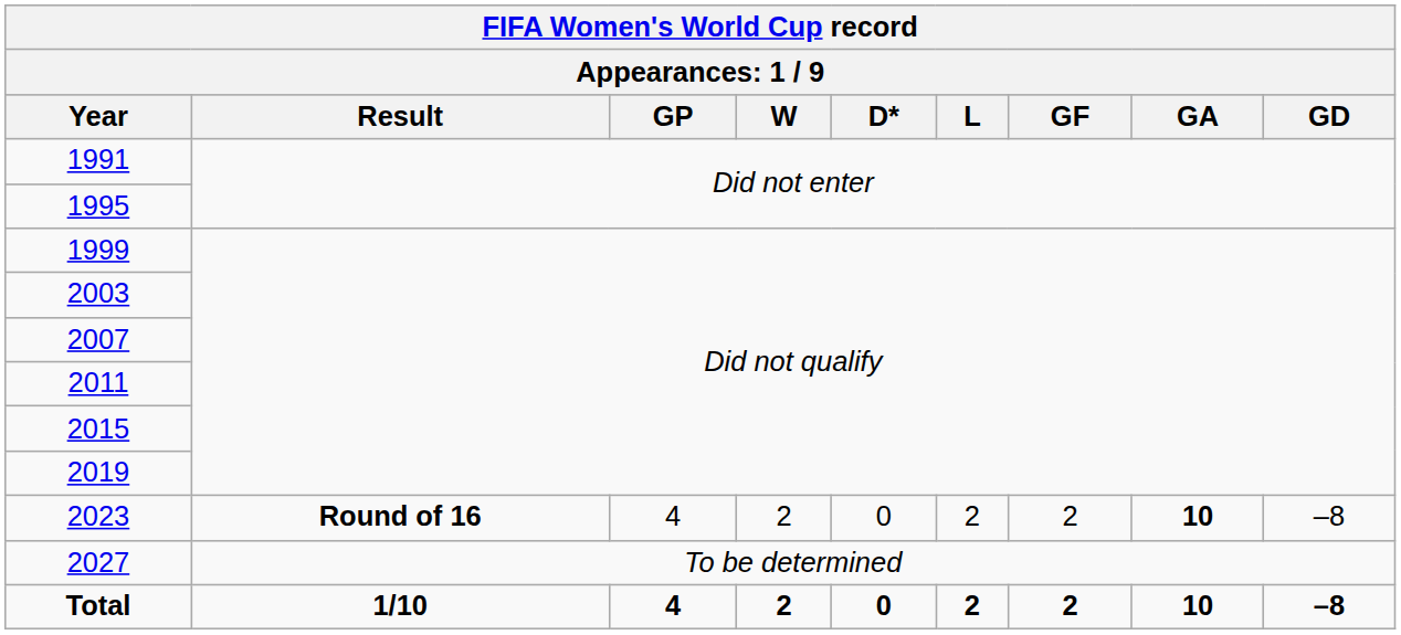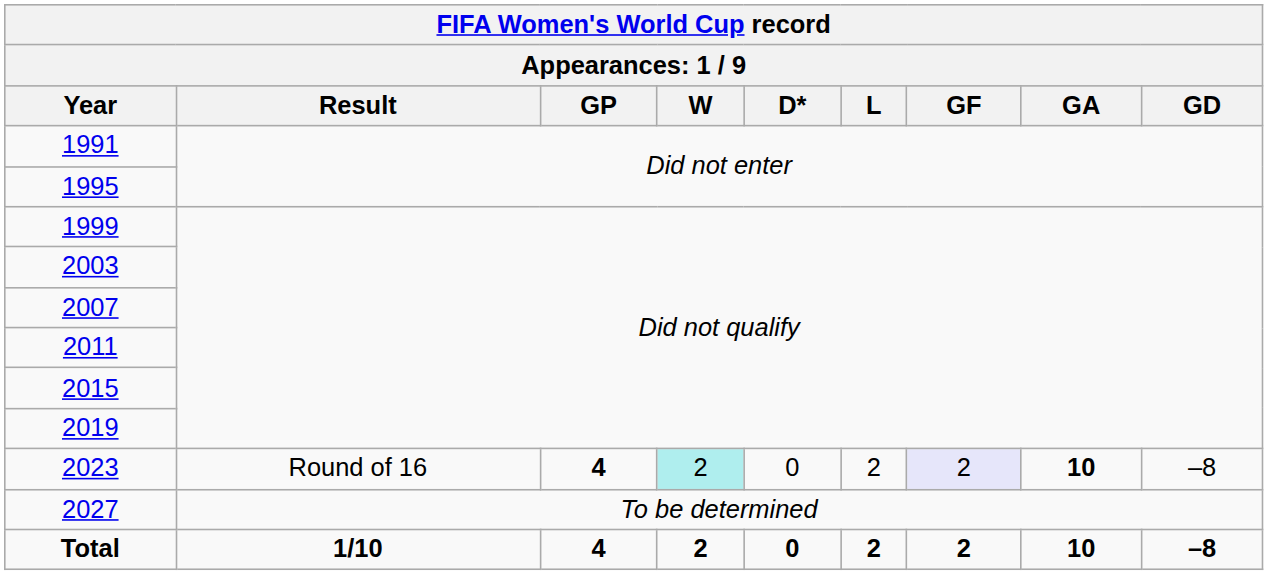 <table class="wikitable" style="text-align: center; width:50%;">
 <tr>
 <th colspan=10><a href='#'>FIFA Women's World Cup</a> record</th>
 </tr>
 <tr>
 <th colspan=9>Appearances: 1 / 9</th>
 </tr>
 <tr>
 <th>Year</th>
 <th>Result</th>
 <th>GP</th>
 <th>W</th>
 <th>D*</th>
 <th>L</th>
 <th>GF</th>
 <th>GA</th>
 <th>GD</th>
 </tr>
 <tr>
 <td> <a href='#'>1991</a></td>
 <td rowspan=2 colspan=8><em>Did not enter</em></td>
 </tr>
 <tr>
 <td> <a href='#'>1995</a></td>
 </tr>
 <tr>
 <td> <a href='#'>1999</a></td>
 <td rowspan=6 colspan=8><em>Did not qualify</em></td>
 </tr>
 <tr>
 <td> <a href='#'>2003</a></td>
 </tr>
 <tr>
 <td> <a href='#'>2007</a></td>
 </tr>
 <tr>
 <td> <a href='#'>2011</a></td>
 </tr>
 <tr>
 <td> <a href='#'>2015</a></td>
 </tr>
 <tr>
 <td> <a href='#'>2019</a></td>
 </tr>
 <tr>
 <td> <a href='#'>2023</a></td>
-<td><strong>Round of 16</strong></td>
-<td>4</td>
-<td>2</td>
+<td>Round of 16</td>
+<td><strong>4</strong></td>
+<td style="background: paleturquoise;">2</td>
 <td>0</td>
 <td>2</td>
-<td>2</td>
+<td style="background: lavender;">2</td>
 <td><strong>10</strong></td>
 <td>–8</td>
 </tr>
 <tr>
 <td> <a href='#'>2027</a></td>
 <td colspan=8><em>To be determined</em></td>
 </tr>
 <tr>
 <td><strong>Total</strong></td>
 <td><strong>1/10</strong></td>
 <td><strong>4</strong></td>
 <td><strong>2</strong></td>
 <td><strong>0</strong></td>
 <td><strong>2</strong></td>
 <td><strong>2</strong></td>
 <td><strong>10</strong></td>
 <td><strong>–8</strong></td>
 </tr>
 </table>
